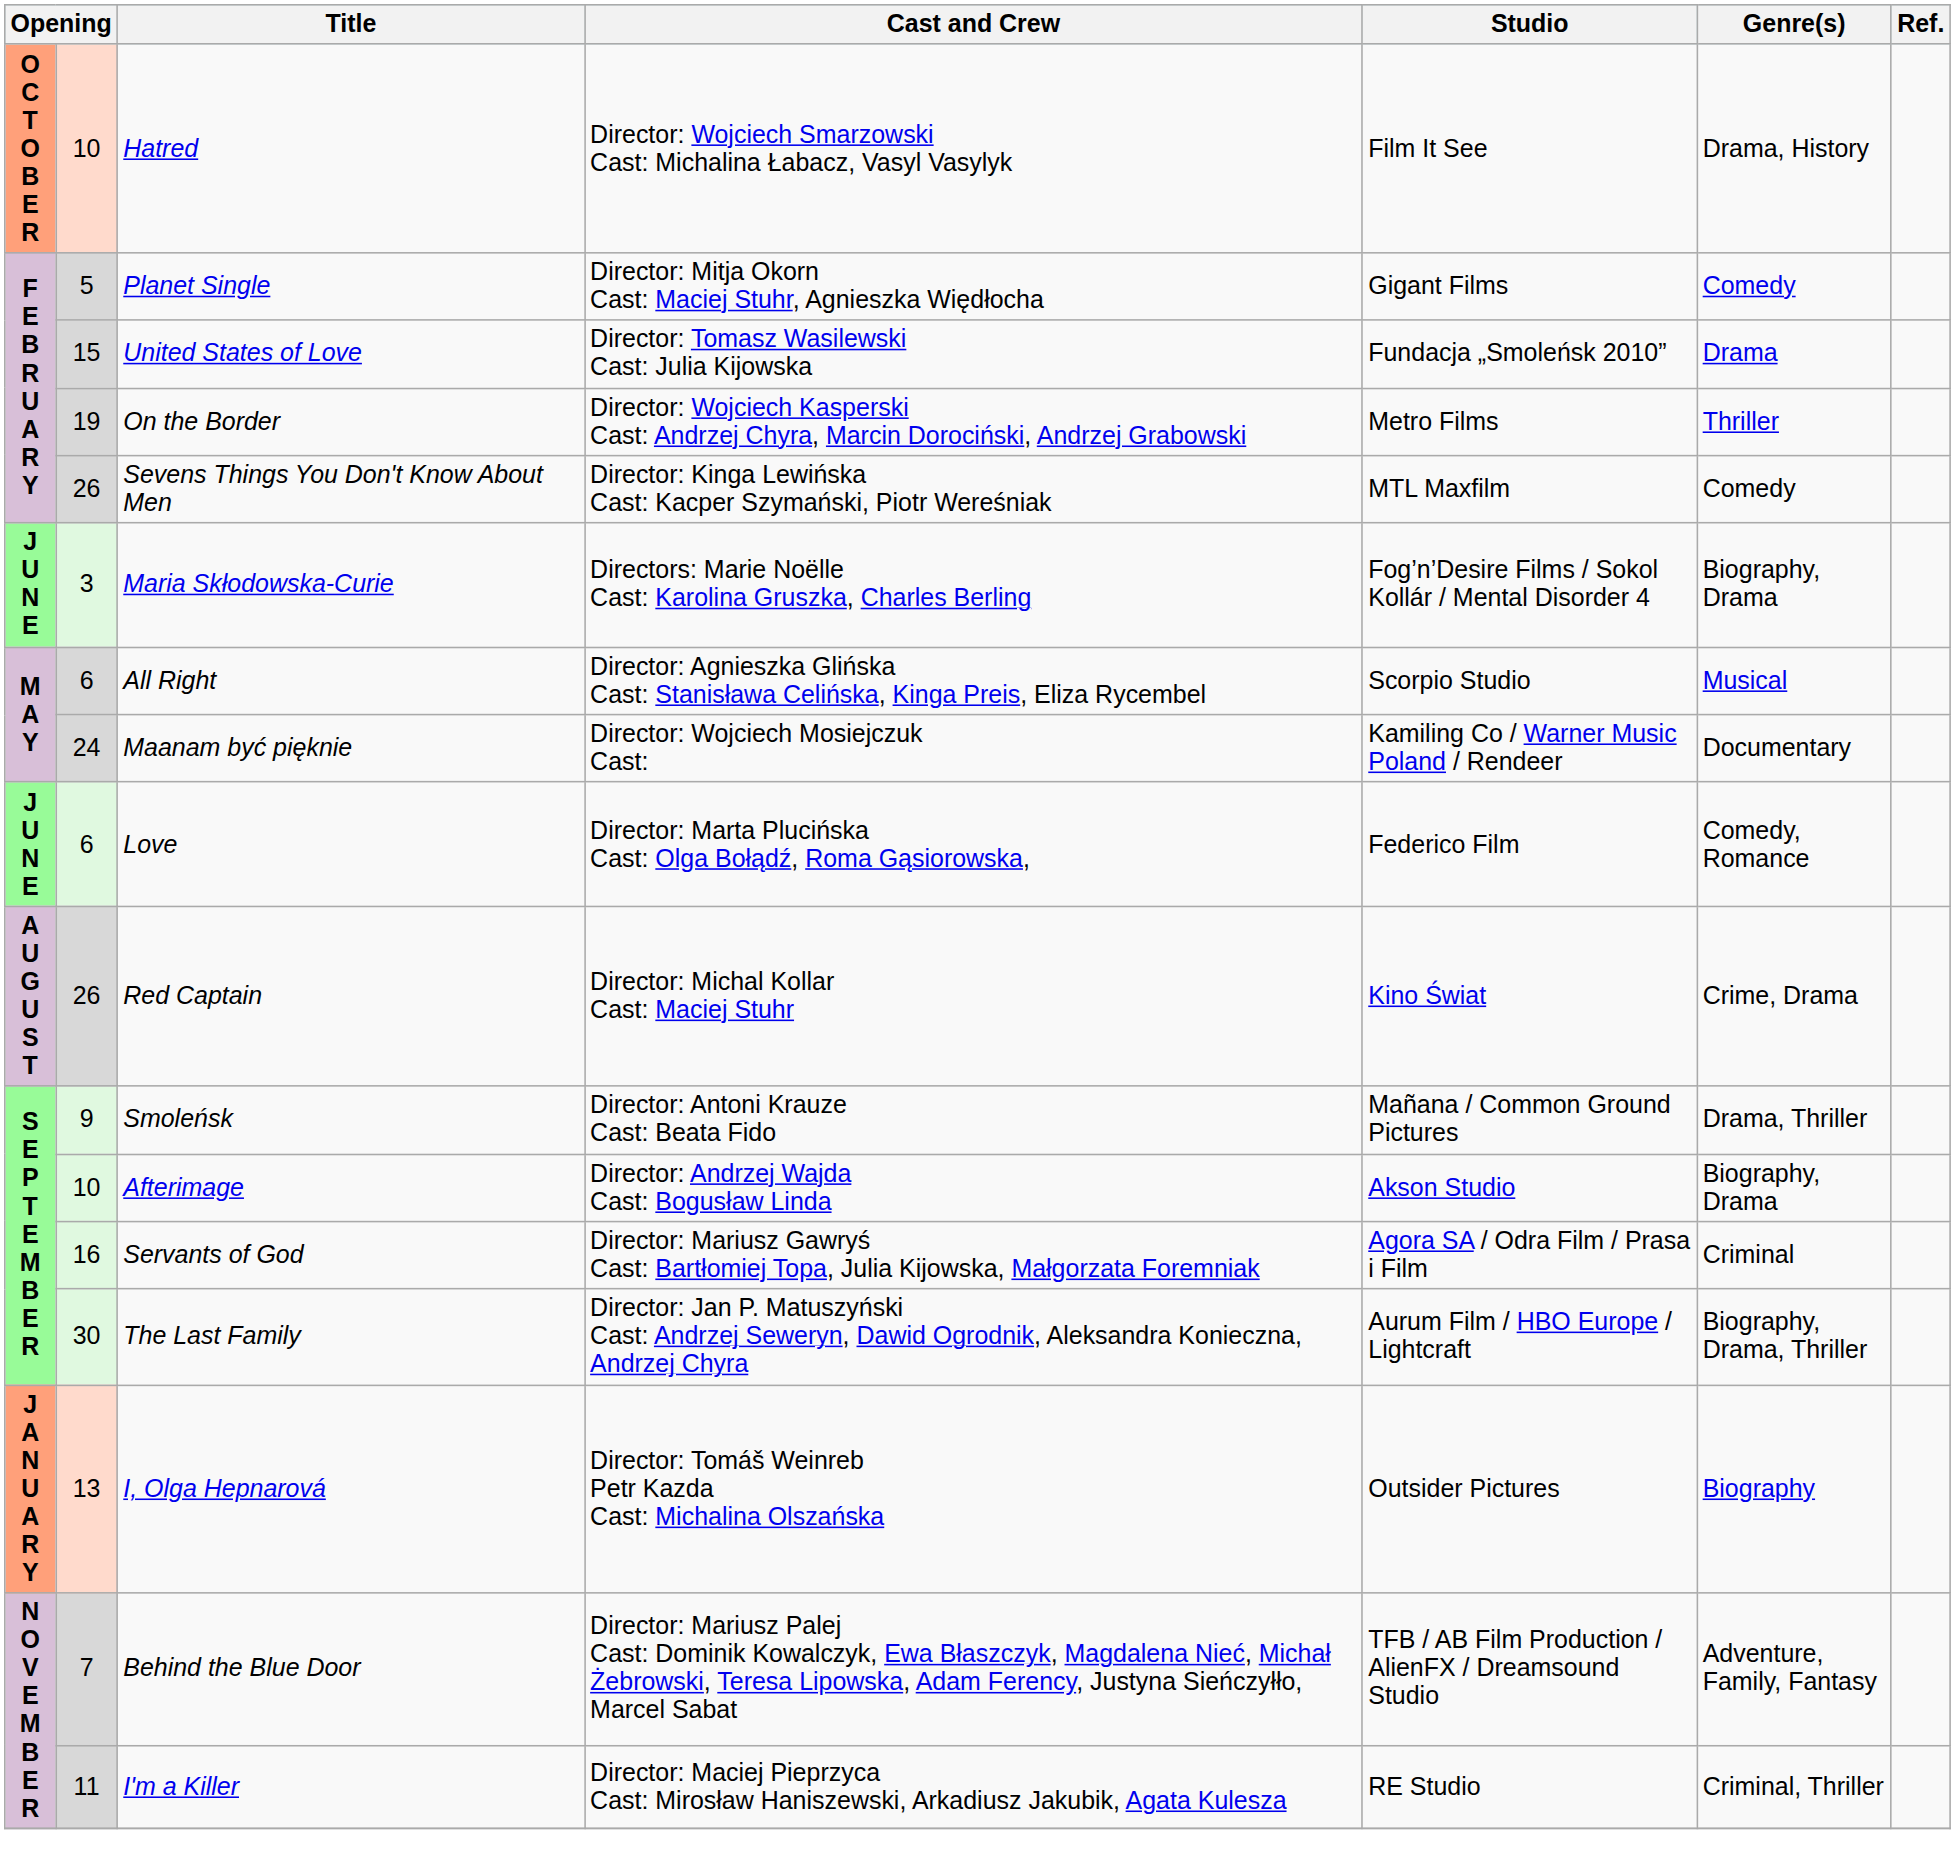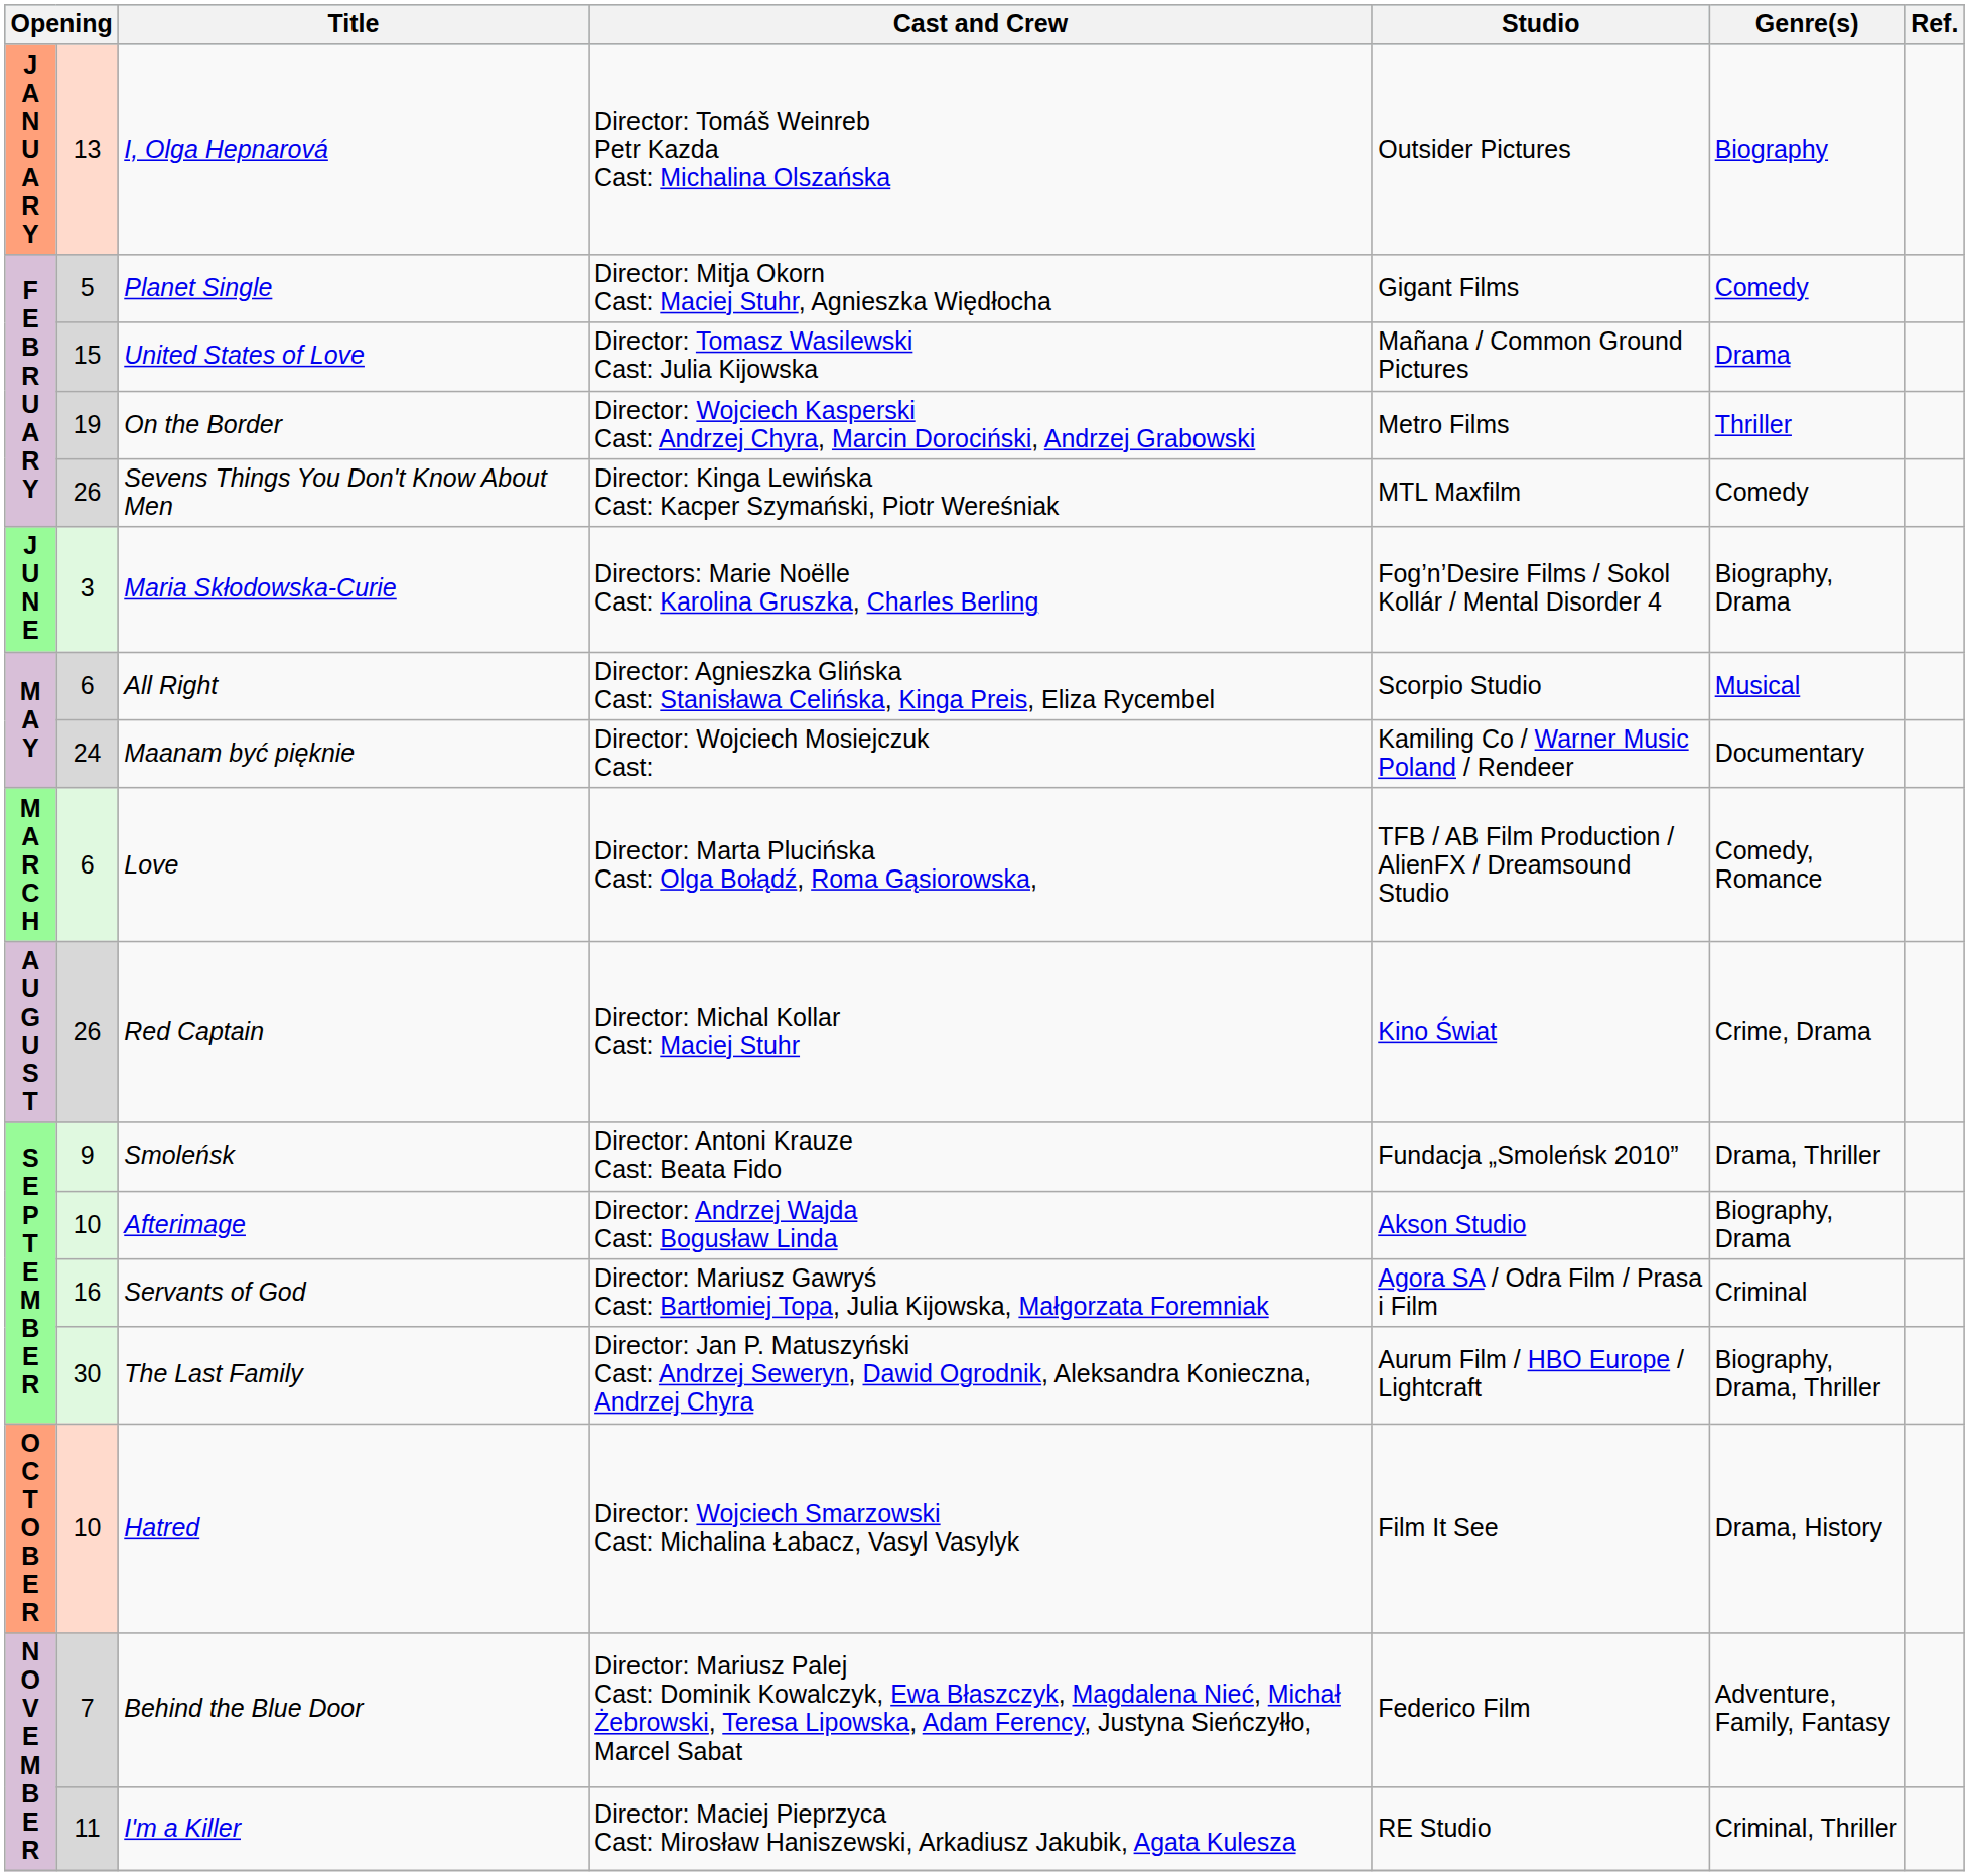 <table class="wikitable">
 <tr style="background:#b0e0e6; text-align:center;">
 <th colspan="2">Opening</th>
 <th style="width:24%;">Title</th>
 <th style="width:40%;">Cast and Crew</th>
 <th>Studio</th>
 <th style="width:10%;">Genre(s)</th>
 <th style="width:2%;">Ref.</th>
 </tr>
 <tr>
-<th rowspan="1" style="text-align:center; background:#ffa07a; textcolor:#000;">O<br>C<br>T<br>O<br>B<br>E<br>R</th>
-<td rowspan="1" style="text-align:center; background:#ffdacc;">10</td>
-<td><em><a href='#'>Hatred</a></em></td>
-<td>Director: <a href='#'>Wojciech Smarzowski</a> <br> Cast: Michalina Łabacz, Vasyl Vasylyk</td>
-<td>Film It See</td>
-<td>Drama, History</td>
+<th rowspan="1" style="text-align:center; background:#ffa07a; textcolor:#000;">J<br>A<br>N<br>U<br>A<br>R<br>Y</th>
+<td rowspan="1" style="text-align:center; background:#ffdacc;">13</td>
+<td><em><a href='#'>I, Olga Hepnarová</a></em></td>
+<td>Director: Tomáš Weinreb <br> Petr Kazda <br> Cast: <a href='#'>Michalina Olszańska</a></td>
+<td>Outsider Pictures</td>
+<td><a href='#'>Biography</a></td>
 <td style="text-align:center"></td>
 </tr>
 <tr>
 <th rowspan="4" style="text-align:center; background:thistle; textcolor:#000;">F<br>E<br>B<br>R<br>U<br>A<br>R<br>Y</th>
 <td rowspan="1" style="text-align:center; background:#d8d8d8;">5</td>
 <td><em><a href='#'>Planet Single</a></em></td>
 <td>Director: Mitja Okorn <br> Cast: <a href='#'>Maciej Stuhr</a>, Agnieszka Więdłocha</td>
 <td>Gigant Films</td>
 <td><a href='#'>Comedy</a></td>
 <td style="text-align:center"></td>
 </tr>
 <tr>
 <td rowspan="1" style="text-align:center; background:#d8d8d8;">15</td>
 <td><em><a href='#'>United States of Love</a></em></td>
 <td>Director: <a href='#'>Tomasz Wasilewski</a> <br> Cast: Julia Kijowska</td>
-<td>Fundacja „Smoleńsk 2010”</td>
+<td>Mañana / Common Ground Pictures</td>
 <td><a href='#'>Drama</a></td>
 <td style="text-align:center"></td>
 </tr>
 <tr>
 <td rowspan="1" style="text-align:center; background:#d8d8d8;">19</td>
 <td><em>On the Border</em></td>
 <td>Director: <a href='#'>Wojciech Kasperski</a> <br> Cast: <a href='#'>Andrzej Chyra</a>, <a href='#'>Marcin Dorociński</a>, <a href='#'>Andrzej Grabowski</a></td>
 <td>Metro  Films</td>
 <td><a href='#'>Thriller</a></td>
 <td style="text-align:center"></td>
 </tr>
 <tr>
 <td rowspan="1" style="text-align:center; background:#d8d8d8;">26</td>
 <td><em>Sevens Things You Don't Know About Men</em></td>
 <td>Director: Kinga Lewińska <br> Cast: Kacper Szymański, Piotr Wereśniak</td>
 <td>MTL Maxfilm</td>
 <td>Comedy</td>
 <td style="text-align:center"></td>
 </tr>
 <tr>
 <th rowspan="1" style="text-align:center; background:#98fb98; textcolor:#000;">J<br>U<br>N<br>E</th>
 <td rowspan="1" style="text-align:center; background:#e0f9e0;">3</td>
 <td><em><a href='#'>Maria Skłodowska-Curie</a></em></td>
 <td>Directors: Marie Noëlle <br> Cast: <a href='#'>Karolina Gruszka</a>, <a href='#'>Charles Berling</a></td>
 <td>Fog’n’Desire Films / Sokol Kollár / Mental Disorder 4</td>
 <td>Biography, Drama</td>
 <td style="text-align:center"></td>
 </tr>
 <tr>
 <th rowspan="2" style="text-align:center; background:thistle; textcolor:#000;">M<br>A<br>Y</th>
 <td rowspan="1" style="text-align:center; background:#d8d8d8;">6</td>
 <td><em>All Right</em></td>
 <td>Director: Agnieszka Glińska <br> Cast: <a href='#'>Stanisława Celińska</a>, <a href='#'>Kinga Preis</a>, Eliza Rycembel</td>
 <td>Scorpio Studio</td>
 <td><a href='#'>Musical</a></td>
 <td style="text-align:center"></td>
 </tr>
 <tr>
 <td rowspan="1" style="text-align:center; background:#d8d8d8;">24</td>
 <td><em>Maanam być pięknie</em></td>
 <td>Director: Wojciech Mosiejczuk  <br> Cast:</td>
 <td>Kamiling Co / <a href='#'>Warner Music Poland</a> / Rendeer</td>
 <td>Documentary</td>
 <td style="text-align:center"></td>
 </tr>
 <tr>
-<th rowspan="1" style="text-align:center; background:#98fb98; textcolor:#000;">J<br>U<br>N<br>E</th>
+<th rowspan="1" style="text-align:center; background:#98fb98; textcolor:#000;">M<br>A<br>R<br>C<br>H</th>
 <td rowspan="1" style="text-align:center; background:#e0f9e0;">6</td>
 <td><em>Love</em></td>
 <td>Director: Marta Plucińska <br> Cast: <a href='#'>Olga Bołądź</a>, <a href='#'>Roma Gąsiorowska</a>,</td>
-<td>Federico Film</td>
+<td>TFB / AB Film Production / AlienFX / Dreamsound Studio</td>
 <td>Comedy, Romance</td>
 <td style="text-align:center"></td>
 </tr>
 <tr>
 <th rowspan="1" style="text-align:center; background:thistle; textcolor:#000;">A<br>U<br>G<br>U<br>S<br>T</th>
 <td rowspan="1" style="text-align:center; background:#d8d8d8;">26</td>
 <td><em>Red Captain</em></td>
 <td>Director: Michal Kollar <br> Cast: <a href='#'>Maciej Stuhr</a></td>
 <td><a href='#'>Kino Świat</a></td>
 <td>Crime, Drama</td>
 <td style="text-align:center"></td>
 </tr>
 <tr>
 <th rowspan="4" style="text-align:center; background:#98fb98; textcolor:#000;">S<br>E<br>P<br>T<br>E<br>M<br>B<br>E<br>R</th>
 <td rowspan="1" style="text-align:center; background:#e0f9e0;">9</td>
 <td><em>Smoleńsk</em></td>
 <td>Director: Antoni Krauze <br> Cast: Beata Fido</td>
-<td>Mañana / Common Ground Pictures</td>
+<td>Fundacja „Smoleńsk 2010”</td>
 <td>Drama, Thriller</td>
 <td style="text-align:center"></td>
 </tr>
 <tr>
 <td rowspan="1" style="text-align:center; background:#e0f9e0;">10</td>
 <td><em><a href='#'>Afterimage</a></em></td>
 <td>Director: <a href='#'>Andrzej Wajda</a> <br> Cast: <a href='#'>Bogusław Linda</a></td>
 <td><a href='#'>Akson Studio</a></td>
 <td>Biography, Drama</td>
 <td style="text-align:center"></td>
 </tr>
 <tr>
 <td rowspan="1" style="text-align:center; background:#e0f9e0;">16</td>
 <td><em>Servants of God</em></td>
 <td>Director: Mariusz Gawryś <br> Cast: <a href='#'>Bartłomiej Topa</a>, Julia Kijowska, <a href='#'>Małgorzata Foremniak</a></td>
 <td><a href='#'>Agora SA</a> / Odra Film / Prasa i Film</td>
 <td>Criminal</td>
 <td style="text-align:center"></td>
 </tr>
 <tr>
 <td rowspan="1" style="text-align:center; background:#e0f9e0;">30</td>
 <td><em>The Last Family</em></td>
 <td>Director: Jan P. Matuszyński <br> Cast: <a href='#'>Andrzej Seweryn</a>, <a href='#'>Dawid Ogrodnik</a>, Aleksandra Konieczna, <a href='#'>Andrzej Chyra</a></td>
 <td>Aurum Film / <a href='#'>HBO Europe</a> / Lightcraft</td>
 <td>Biography, Drama, Thriller</td>
 <td style="text-align:center"></td>
 </tr>
 <tr>
-<th rowspan="1" style="text-align:center; background:#ffa07a; textcolor:#000;">J<br>A<br>N<br>U<br>A<br>R<br>Y</th>
-<td rowspan="1" style="text-align:center; background:#ffdacc;">13</td>
-<td><em><a href='#'>I, Olga Hepnarová</a></em></td>
-<td>Director: Tomáš Weinreb <br> Petr Kazda <br> Cast: <a href='#'>Michalina Olszańska</a></td>
-<td>Outsider Pictures</td>
-<td><a href='#'>Biography</a></td>
+<th rowspan="1" style="text-align:center; background:#ffa07a; textcolor:#000;">O<br>C<br>T<br>O<br>B<br>E<br>R</th>
+<td rowspan="1" style="text-align:center; background:#ffdacc;">10</td>
+<td><em><a href='#'>Hatred</a></em></td>
+<td>Director: <a href='#'>Wojciech Smarzowski</a> <br> Cast: Michalina Łabacz, Vasyl Vasylyk</td>
+<td>Film It See</td>
+<td>Drama, History</td>
 <td style="text-align:center"></td>
 </tr>
 <tr>
 <th rowspan="2" style="text-align:center; background:thistle; textcolor:#000;">N<br>O<br>V<br>E<br>M<br>B<br>E<br>R</th>
 <td rowspan="1" style="text-align:center; background:#d8d8d8;">7</td>
 <td><em>Behind the Blue Door</em></td>
 <td>Director: Mariusz Palej <br> Cast: Dominik Kowalczyk, <a href='#'>Ewa Błaszczyk</a>, <a href='#'>Magdalena Nieć</a>, <a href='#'>Michał Żebrowski</a>, <a href='#'>Teresa Lipowska</a>, <a href='#'>Adam Ferency</a>, Justyna Sieńczyłło, Marcel Sabat</td>
-<td>TFB / AB Film Production / AlienFX / Dreamsound Studio</td>
+<td>Federico Film</td>
 <td>Adventure, Family, Fantasy</td>
 <td style="text-align:center"></td>
 </tr>
 <tr>
 <td rowspan="1" style="text-align:center; background:#d8d8d8;">11</td>
 <td><em><a href='#'>I'm a Killer</a></em></td>
 <td>Director: Maciej Pieprzyca <br> Cast: Mirosław Haniszewski, Arkadiusz Jakubik, <a href='#'>Agata Kulesza</a></td>
 <td>RE Studio</td>
 <td>Criminal, Thriller</td>
 <td style="text-align:center"></td>
 </tr>
 <tr>
 </tr>
 </table>
